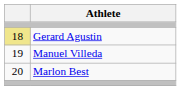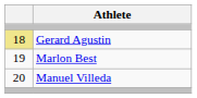 <table class="wikitable">
 <tr>
 <th width="30"></th>
 <th width="200">Athlete</th>
 </tr>
 <tr bgcolor="C0C0C0">
 <td colspan=2></td>
 </tr>
 <tr>
 <td align="center" style="background: khaki;">18</td>
 <td> <a href='#'>Gerard Agustin</a></td>
 </tr>
 <tr>
 <td align="center">19</td>
-<td> <a href='#'>Manuel Villeda</a></td>
+<td> <a href='#'>Marlon Best</a></td>
 </tr>
 <tr>
 <td align="center">20</td>
-<td> <a href='#'>Marlon Best</a></td>
+<td> <a href='#'>Manuel Villeda</a></td>
 </tr>
 <tr bgcolor="C0C0C0">
 <td colspan=2></td>
 </tr>
 </table>
